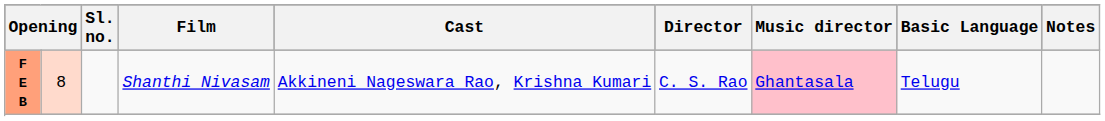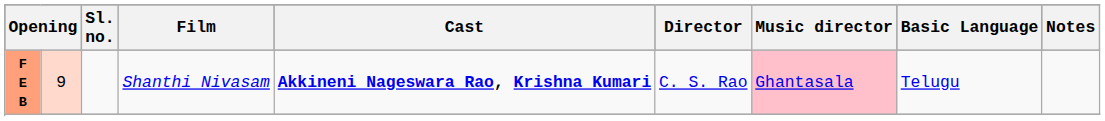 <table class="wikitable">
 <tr style="background:#000;">
 <th colspan='2'>Opening</th>
 <th>Sl.<br>no.</th>
 <th>Film</th>
 <th>Cast</th>
 <th>Director</th>
 <th>Music director</th>
 <th>Basic Language</th>
 <th>Notes</th>
 </tr>
 <tr>
 <td rowspan="2" style="text-align:center; background:#ffa07a; textcolor:#000;"><small><strong>F<br>E<br>B</strong></small></td>
-<td rowspan="1"  style="text-align:center; background:#ffdacc; textcolor:#000;">8</td>
+<td rowspan="1"  style="text-align:center; background:#ffdacc; textcolor:#000;">9</td>
 <td valign="center"></td>
 <td><em><a href='#'>Shanthi Nivasam</a></em></td>
-<td><a href='#'>Akkineni Nageswara Rao</a>, <a href='#'>Krishna Kumari</a></td>
+<td><strong><a href='#'>Akkineni Nageswara Rao</a>, <a href='#'>Krishna Kumari</a></strong></td>
 <td><a href='#'>C. S. Rao</a></td>
 <td style="background: pink;"><a href='#'>Ghantasala</a></td>
 <td><a href='#'>Telugu</a></td>
 <td></td>
 </tr>
 <tr>
 </tr>
 </table>
